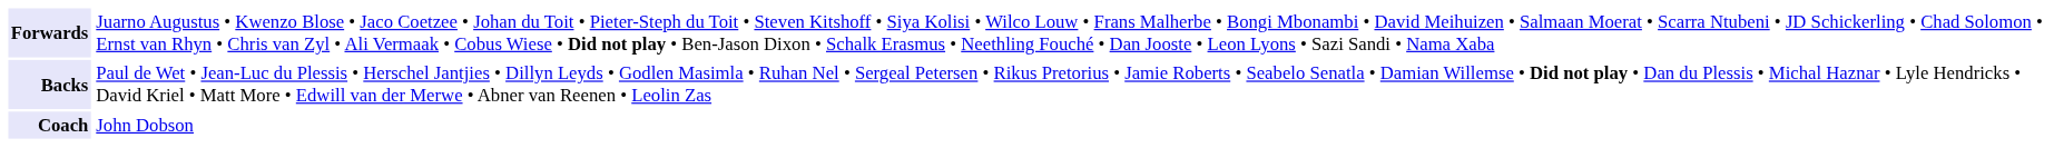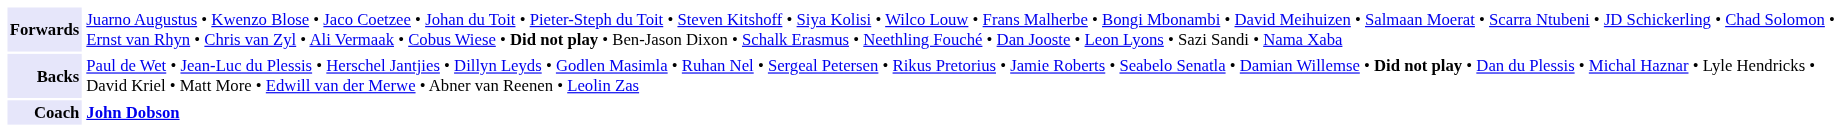 <table cellpadding="2" style="border: 1px solid white; font-size:90%;">
 <tr>
 <td style="text-align:right;" bgcolor="lavender"><strong>Forwards</strong></td>
 <td style="text-align:left;"><a href='#'>Juarno Augustus</a> • <a href='#'>Kwenzo Blose</a> • <a href='#'>Jaco Coetzee</a> • <a href='#'>Johan du Toit</a> • <a href='#'>Pieter-Steph du Toit</a> • <a href='#'>Steven Kitshoff</a> • <a href='#'>Siya Kolisi</a> • <a href='#'>Wilco Louw</a> • <a href='#'>Frans Malherbe</a> • <a href='#'>Bongi Mbonambi</a> • <a href='#'>David Meihuizen</a> • <a href='#'>Salmaan Moerat</a> • <a href='#'>Scarra Ntubeni</a> • <a href='#'>JD Schickerling</a> • <a href='#'>Chad Solomon</a> • <a href='#'>Ernst van Rhyn</a> • <a href='#'>Chris van Zyl</a> • <a href='#'>Ali Vermaak</a> • <a href='#'>Cobus Wiese</a> • <strong>Did not play</strong> • Ben-Jason Dixon • <a href='#'>Schalk Erasmus</a> • <a href='#'>Neethling Fouché</a> • <a href='#'>Dan Jooste</a> • <a href='#'>Leon Lyons</a> • Sazi Sandi • <a href='#'>Nama Xaba</a></td>
 </tr>
 <tr>
 <td style="text-align:right;" bgcolor="lavender"><strong>Backs</strong></td>
 <td style="text-align:left;"><a href='#'>Paul de Wet</a> • <a href='#'>Jean-Luc du Plessis</a> • <a href='#'>Herschel Jantjies</a> • <a href='#'>Dillyn Leyds</a> • <a href='#'>Godlen Masimla</a> • <a href='#'>Ruhan Nel</a> • <a href='#'>Sergeal Petersen</a> • <a href='#'>Rikus Pretorius</a> • <a href='#'>Jamie Roberts</a> • <a href='#'>Seabelo Senatla</a> • <a href='#'>Damian Willemse</a> • <strong>Did not play</strong> • <a href='#'>Dan du Plessis</a> • <a href='#'>Michal Haznar</a> • Lyle Hendricks • David Kriel • Matt More • <a href='#'>Edwill van der Merwe</a> • Abner van Reenen • <a href='#'>Leolin Zas</a></td>
 </tr>
 <tr>
 <td style="text-align:right;" bgcolor="lavender"><strong>Coach</strong></td>
-<td style="text-align:left;"><a href='#'>John Dobson</a></td>
+<td style="text-align:left;"><strong><a href='#'>John Dobson</a></strong></td>
 </tr>
 </table>
